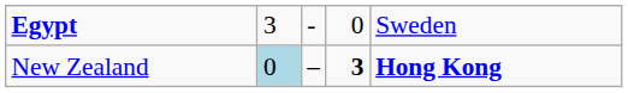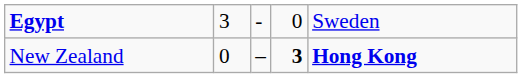 <table class="wikitable">
 <tr>
 <td width=150> <strong><a href='#'>Egypt</a></strong></td>
 <td style="width:20px; text-align:left;">3</td>
 <td>-</td>
 <td style="width:20px; text-align:right;">0</td>
 <td width=150> <a href='#'>Sweden</a></td>
 </tr>
 <tr>
 <td> <a href='#'>New Zealand</a></td>
-<td style="background: lightblue; text-align:left;">0</td>
+<td style="text-align:left;">0</td>
 <td>–</td>
 <td style="text-align:right;"><strong>3</strong></td>
 <td> <strong><a href='#'>Hong Kong</a></strong></td>
 </tr>
 </table>
